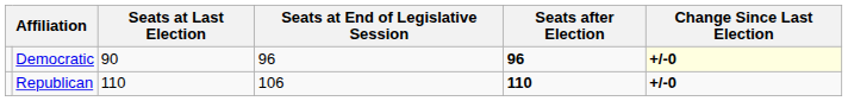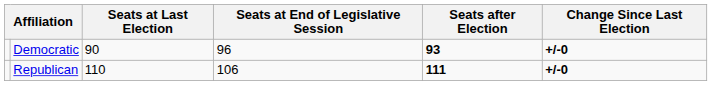 <table class="wikitable">
 <tr>
 <th colspan="2">Affiliation</th>
 <th>Seats at Last Election</th>
 <th>Seats at End of Legislative Session</th>
 <th>Seats after Election</th>
 <th>Change Since Last Election</th>
 </tr>
 <tr>
 <td style="background-color:"></td>
 <td><a href='#'>Democratic</a></td>
 <td>90</td>
 <td>96</td>
-<td><strong>96</strong></td>
-<td style="background: lightyellow;"><strong>+/-0</strong></td>
+<td><strong>93</strong></td>
+<td><strong>+/-0</strong></td>
 </tr>
 <tr>
 <td style="background-color:"></td>
 <td><a href='#'>Republican</a></td>
 <td>110</td>
 <td>106</td>
-<td><strong>110</strong></td>
+<td><strong>111</strong></td>
 <td><strong>+/-0</strong></td>
 </tr>
 </table>
